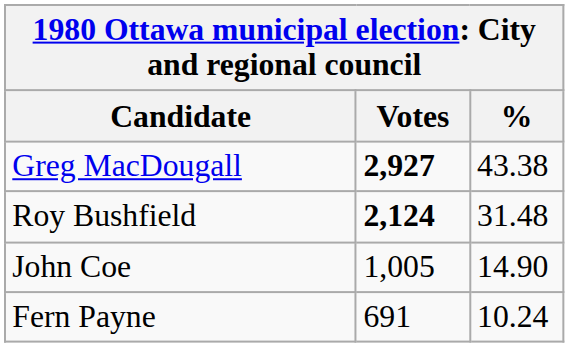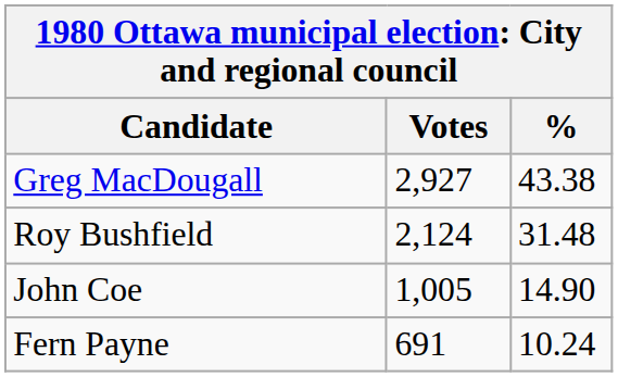 <table class="wikitable">
 <tr>
 <th colspan="3"><a href='#'>1980 Ottawa municipal election</a>: City and regional council</th>
 </tr>
 <tr>
 <th style="width: 170px">Candidate</th>
 <th style="width: 50px">Votes</th>
 <th style="width: 40px">%</th>
 </tr>
 <tr>
 <td><a href='#'>Greg MacDougall</a></td>
-<td><strong>2,927</strong></td>
+<td>2,927</td>
 <td>43.38</td>
 </tr>
 <tr>
 <td>Roy Bushfield</td>
-<td><strong>2,124</strong></td>
+<td>2,124</td>
 <td>31.48</td>
 </tr>
 <tr>
 <td>John Coe</td>
 <td>1,005</td>
 <td>14.90</td>
 </tr>
 <tr>
 <td>Fern Payne</td>
 <td>691</td>
 <td>10.24</td>
 </tr>
 </table>
